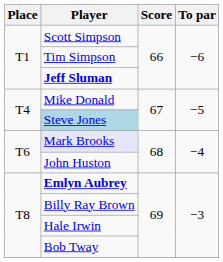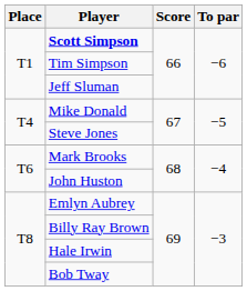 <table class="wikitable">
 <tr>
 <th>Place</th>
 <th>Player</th>
 <th>Score</th>
 <th>To par</th>
 </tr>
 <tr>
 <td rowspan="3" align=center>T1</td>
-<td> <a href='#'>Scott Simpson</a></td>
+<td><strong> <a href='#'>Scott Simpson</a></strong></td>
 <td rowspan="3" align=center>66</td>
 <td rowspan="3" align=center>−6</td>
 </tr>
 <tr>
 <td> <a href='#'>Tim Simpson</a></td>
 </tr>
 <tr>
-<td><strong> <a href='#'>Jeff Sluman</a></strong></td>
+<td> <a href='#'>Jeff Sluman</a></td>
 </tr>
 <tr>
 <td rowspan="2" align=center>T4</td>
 <td> <a href='#'>Mike Donald</a></td>
 <td rowspan="2" align=center>67</td>
 <td rowspan="2" align=center>−5</td>
 </tr>
 <tr>
-<td style="background: lightblue;"> <a href='#'>Steve Jones</a></td>
+<td> <a href='#'>Steve Jones</a></td>
 </tr>
 <tr>
 <td rowspan="2" align=center>T6</td>
-<td style="background: lavender;"> <a href='#'>Mark Brooks</a></td>
+<td> <a href='#'>Mark Brooks</a></td>
 <td rowspan="2" align=center>68</td>
 <td rowspan="2" align=center>−4</td>
 </tr>
 <tr>
 <td> <a href='#'>John Huston</a></td>
 </tr>
 <tr>
 <td rowspan="4" align=center>T8</td>
-<td><strong> <a href='#'>Emlyn Aubrey</a></strong></td>
+<td> <a href='#'>Emlyn Aubrey</a></td>
 <td rowspan="4" align=center>69</td>
 <td rowspan="4" align=center>−3</td>
 </tr>
 <tr>
 <td> <a href='#'>Billy Ray Brown</a></td>
 </tr>
 <tr>
 <td> <a href='#'>Hale Irwin</a></td>
 </tr>
 <tr>
 <td> <a href='#'>Bob Tway</a></td>
 </tr>
 </table>
